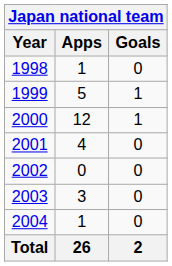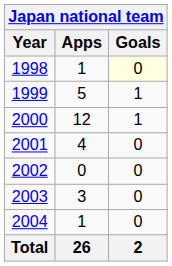 <table class="wikitable" style="text-align:center">
 <tr>
 <th colspan=3><a href='#'>Japan national team</a></th>
 </tr>
 <tr>
 <th>Year</th>
 <th>Apps</th>
 <th>Goals</th>
 </tr>
 <tr>
 <td><a href='#'>1998</a></td>
 <td>1</td>
-<td>0</td>
+<td style="background: lightyellow;">0</td>
 </tr>
 <tr>
 <td><a href='#'>1999</a></td>
 <td>5</td>
 <td>1</td>
 </tr>
 <tr>
 <td><a href='#'>2000</a></td>
 <td>12</td>
 <td>1</td>
 </tr>
 <tr>
 <td><a href='#'>2001</a></td>
 <td>4</td>
 <td>0</td>
 </tr>
 <tr>
 <td><a href='#'>2002</a></td>
 <td>0</td>
 <td>0</td>
 </tr>
 <tr>
 <td><a href='#'>2003</a></td>
 <td>3</td>
 <td>0</td>
 </tr>
 <tr>
 <td><a href='#'>2004</a></td>
 <td>1</td>
 <td>0</td>
 </tr>
 <tr>
 <th>Total</th>
 <th>26</th>
 <th>2</th>
 </tr>
 </table>
